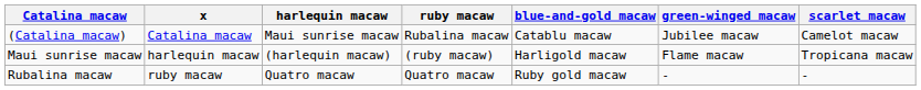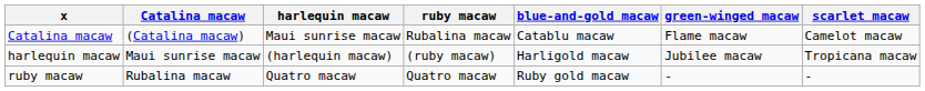 <table class="wikitable">
 <tr>
+<th>x</th>
 <th><a href='#'>Catalina macaw</a></th>
-<th>x</th>
 <th>harlequin macaw</th>
 <th>ruby macaw</th>
 <th><a href='#'>blue-and-gold macaw</a></th>
 <th><a href='#'>green-winged macaw</a></th>
 <th><a href='#'>scarlet macaw</a></th>
 </tr>
 <tr>
+<td><a href='#'>Catalina macaw</a></td>
 <td>(<a href='#'>Catalina macaw</a>)</td>
-<td><a href='#'>Catalina macaw</a></td>
 <td>Maui sunrise macaw</td>
 <td>Rubalina macaw</td>
 <td>Catablu macaw</td>
-<td>Jubilee macaw</td>
+<td>Flame macaw</td>
 <td>Camelot macaw</td>
 </tr>
 <tr>
+<td>harlequin macaw</td>
 <td>Maui sunrise macaw</td>
-<td>harlequin macaw</td>
 <td>(harlequin macaw)</td>
 <td>(ruby macaw)</td>
 <td>Harligold macaw</td>
-<td>Flame macaw</td>
+<td>Jubilee macaw</td>
 <td>Tropicana macaw</td>
 </tr>
 <tr>
+<td>ruby macaw</td>
 <td>Rubalina macaw</td>
-<td>ruby macaw</td>
 <td>Quatro macaw</td>
 <td>Quatro macaw</td>
 <td>Ruby gold macaw</td>
 <td>-</td>
 <td>-</td>
 </tr>
 </table>
